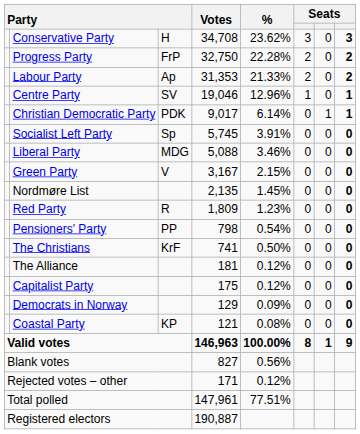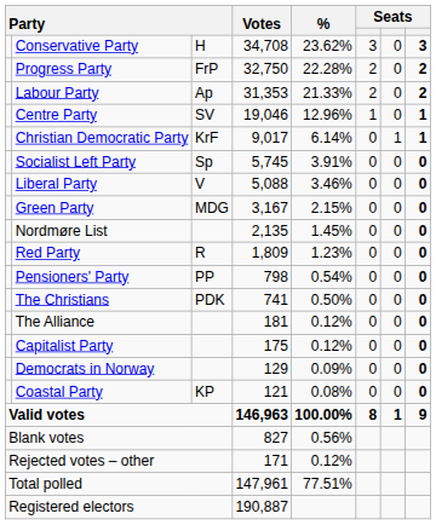 <table class="wikitable" border="1" style="text-align:right;">
 <tr>
 <th style="text-align:left;" valign=bottom rowspan=2 colspan=3>Party</th>
 <th align=center valign=bottom rowspan=2 width="50">Votes</th>
 <th align=center valign=bottom rowspan=2 width="50">%</th>
 <th colspan=3>Seats</th>
 </tr>
 <tr>
 <th align=center valign=bottom width="20"><small></small></th>
 <th align=center valign=bottom width="20"><small><a href='#'></a></small></th>
 <th align=center valign=bottom width="20"><small></small></th>
 </tr>
 <tr>
 <td style="color:inherit;background:"></td>
 <td align=left><a href='#'>Conservative Party</a></td>
 <td align=left>H</td>
 <td>34,708</td>
 <td>23.62%</td>
 <td>3</td>
 <td>0</td>
 <td><strong>3</strong></td>
 </tr>
 <tr>
 <td style="color:inherit;background:"></td>
 <td align=left><a href='#'>Progress Party</a></td>
 <td align=left>FrP</td>
 <td>32,750</td>
 <td>22.28%</td>
 <td>2</td>
 <td>0</td>
 <td><strong>2</strong></td>
 </tr>
 <tr>
 <td style="color:inherit;background:"></td>
 <td align=left><a href='#'>Labour Party</a></td>
 <td align=left>Ap</td>
 <td>31,353</td>
 <td>21.33%</td>
 <td>2</td>
 <td>0</td>
 <td><strong>2</strong></td>
 </tr>
 <tr>
 <td style="color:inherit;background:"></td>
 <td align=left><a href='#'>Centre Party</a></td>
 <td align=left>SV</td>
 <td>19,046</td>
 <td>12.96%</td>
 <td>1</td>
 <td>0</td>
 <td><strong>1</strong></td>
 </tr>
 <tr>
 <td style="color:inherit;background:"></td>
 <td align=left><a href='#'>Christian Democratic Party</a></td>
-<td align=left>PDK</td>
+<td align=left>KrF</td>
 <td>9,017</td>
 <td>6.14%</td>
 <td>0</td>
 <td>1</td>
 <td><strong>1</strong></td>
 </tr>
 <tr>
 <td style="color:inherit;background:"></td>
 <td align=left><a href='#'>Socialist Left Party</a></td>
 <td align=left>Sp</td>
 <td>5,745</td>
 <td>3.91%</td>
 <td>0</td>
 <td>0</td>
 <td><strong>0</strong></td>
 </tr>
 <tr>
 <td style="color:inherit;background:"></td>
 <td align=left><a href='#'>Liberal Party</a></td>
-<td align=left>MDG</td>
+<td align=left>V</td>
 <td>5,088</td>
 <td>3.46%</td>
 <td>0</td>
 <td>0</td>
 <td><strong>0</strong></td>
 </tr>
 <tr>
 <td style="color:inherit;background:"></td>
 <td align=left><a href='#'>Green Party</a></td>
-<td align=left>V</td>
+<td align=left>MDG</td>
 <td>3,167</td>
 <td>2.15%</td>
 <td>0</td>
 <td>0</td>
 <td><strong>0</strong></td>
 </tr>
 <tr>
 <td></td>
 <td align=left>Nordmøre List</td>
 <td align=left></td>
 <td>2,135</td>
 <td>1.45%</td>
 <td>0</td>
 <td>0</td>
 <td><strong>0</strong></td>
 </tr>
 <tr>
 <td style="color:inherit;background:"></td>
 <td align=left><a href='#'>Red Party</a></td>
 <td align=left>R</td>
 <td>1,809</td>
 <td>1.23%</td>
 <td>0</td>
 <td>0</td>
 <td><strong>0</strong></td>
 </tr>
 <tr>
 <td style="color:inherit;background:"></td>
 <td align=left><a href='#'>Pensioners' Party</a></td>
 <td align=left>PP</td>
 <td>798</td>
 <td>0.54%</td>
 <td>0</td>
 <td>0</td>
 <td><strong>0</strong></td>
 </tr>
 <tr>
 <td style="color:inherit;background:"></td>
 <td align=left><a href='#'>The Christians</a></td>
-<td align=left>KrF</td>
+<td align=left>PDK</td>
 <td>741</td>
 <td>0.50%</td>
 <td>0</td>
 <td>0</td>
 <td><strong>0</strong></td>
 </tr>
 <tr>
 <td></td>
 <td align=left>The Alliance</td>
 <td align=left></td>
 <td>181</td>
 <td>0.12%</td>
 <td>0</td>
 <td>0</td>
 <td><strong>0</strong></td>
 </tr>
 <tr>
 <td style="color:inherit;background:"></td>
 <td align=left><a href='#'>Capitalist Party</a></td>
 <td align=left></td>
 <td>175</td>
 <td>0.12%</td>
 <td>0</td>
 <td>0</td>
 <td><strong>0</strong></td>
 </tr>
 <tr>
 <td style="color:inherit;background:"></td>
 <td align=left><a href='#'>Democrats in Norway</a></td>
 <td align=left></td>
 <td>129</td>
 <td>0.09%</td>
 <td>0</td>
 <td>0</td>
 <td><strong>0</strong></td>
 </tr>
 <tr>
 <td style="color:inherit;background:"></td>
 <td align=left><a href='#'>Coastal Party</a></td>
 <td align=left>KP</td>
 <td>121</td>
 <td>0.08%</td>
 <td>0</td>
 <td>0</td>
 <td><strong>0</strong></td>
 </tr>
 <tr style="font-weight:bold">
 <td align=left colspan=3>Valid votes</td>
 <td>146,963</td>
 <td>100.00%</td>
 <td>8</td>
 <td>1</td>
 <td>9</td>
 </tr>
 <tr>
 <td align=left colspan=3>Blank votes</td>
 <td>827</td>
 <td>0.56%</td>
 <td></td>
 <td></td>
 <td></td>
 </tr>
 <tr>
 <td align=left colspan=3>Rejected votes – other</td>
 <td>171</td>
 <td>0.12%</td>
 <td></td>
 <td></td>
 <td></td>
 </tr>
 <tr>
 <td align=left colspan=3>Total polled</td>
 <td>147,961</td>
 <td>77.51%</td>
 <td></td>
 <td></td>
 <td></td>
 </tr>
 <tr>
 <td align=left colspan=3>Registered electors</td>
 <td>190,887</td>
 <td></td>
 <td></td>
 <td></td>
 <td></td>
 </tr>
 </table>
